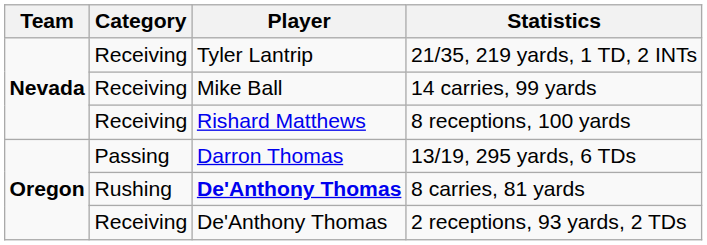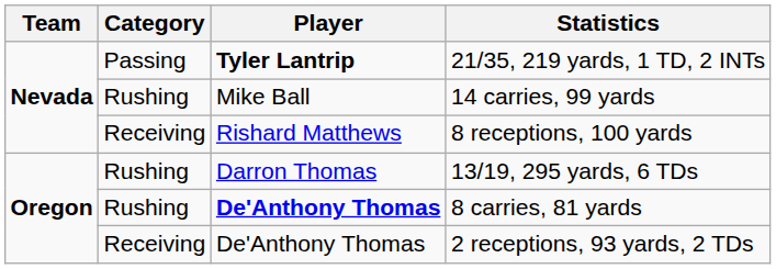 <table class="wikitable" style="float: left;">
 <tr>
 <th>Team</th>
 <th>Category</th>
 <th>Player</th>
 <th>Statistics</th>
 </tr>
 <tr>
 <td rowspan=3><strong>Nevada</strong></td>
-<td>Receiving</td>
-<td>Tyler Lantrip</td>
+<td>Passing</td>
+<td><strong>Tyler Lantrip</strong></td>
 <td>21/35, 219 yards, 1 TD, 2 INTs</td>
 </tr>
 <tr>
-<td>Receiving</td>
+<td>Rushing</td>
 <td>Mike Ball</td>
 <td>14 carries, 99 yards</td>
 </tr>
 <tr>
 <td>Receiving</td>
 <td><a href='#'>Rishard Matthews</a></td>
 <td>8 receptions, 100 yards</td>
 </tr>
 <tr>
 <td rowspan=3><strong>Oregon</strong></td>
-<td>Passing</td>
+<td>Rushing</td>
 <td><a href='#'>Darron Thomas</a></td>
 <td>13/19, 295 yards, 6 TDs</td>
 </tr>
 <tr>
 <td>Rushing</td>
 <td><strong><a href='#'>De'Anthony Thomas</a></strong></td>
 <td>8 carries, 81 yards</td>
 </tr>
 <tr>
 <td>Receiving</td>
 <td>De'Anthony Thomas</td>
 <td>2 receptions, 93 yards, 2 TDs</td>
 </tr>
 </table>
